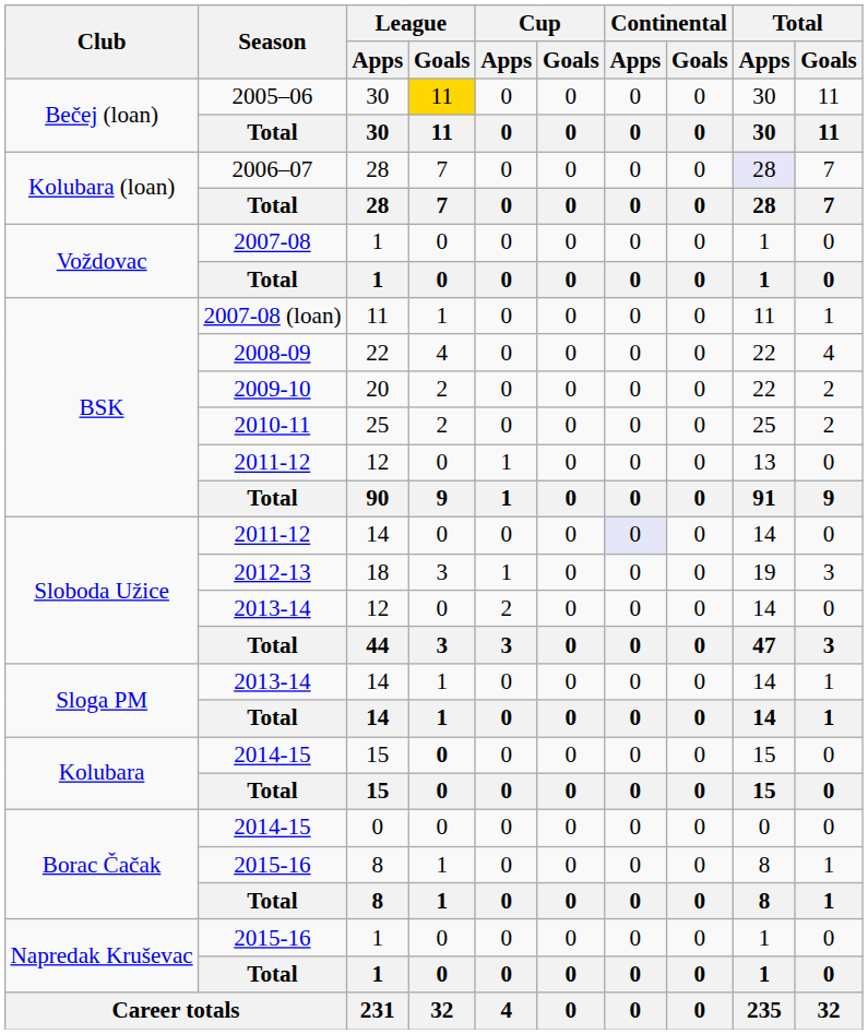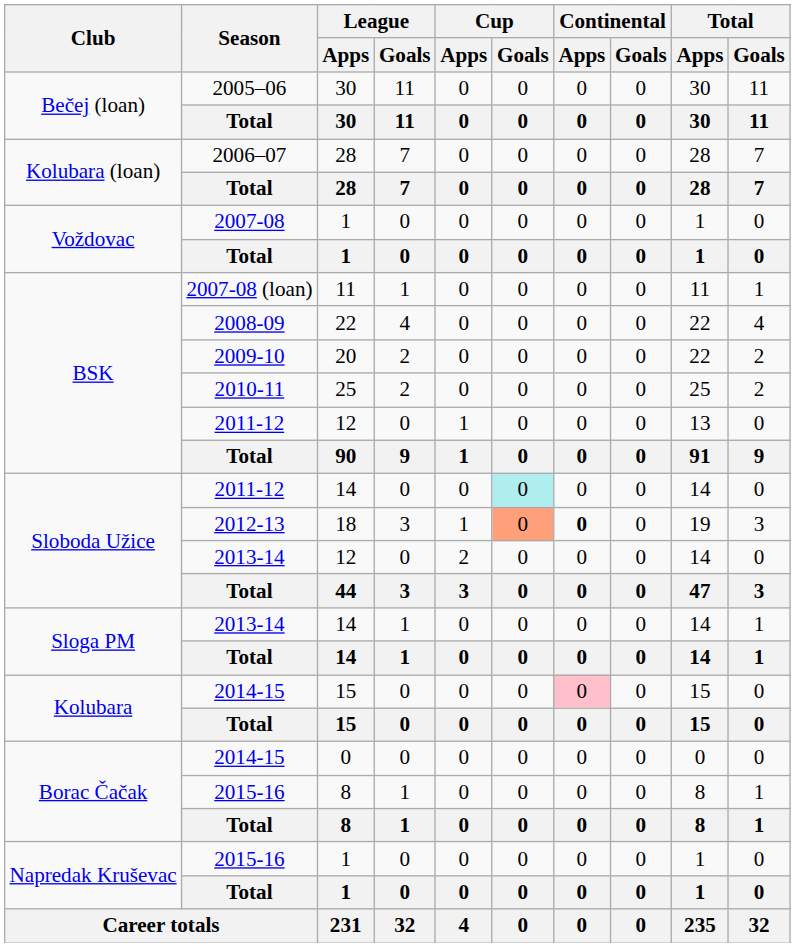 <table class="wikitable" style="text-align:center">
 <tr>
 <th rowspan="2">Club</th>
 <th rowspan="2">Season</th>
 <th colspan="2">League</th>
 <th colspan="2">Cup</th>
 <th colspan="2">Continental</th>
 <th colspan="2">Total</th>
 </tr>
 <tr>
 <th>Apps</th>
 <th>Goals</th>
 <th>Apps</th>
 <th>Goals</th>
 <th>Apps</th>
 <th>Goals</th>
 <th>Apps</th>
 <th>Goals</th>
 </tr>
 <tr>
 <td rowspan="2"><a href='#'>Bečej</a> (loan)</td>
 <td>2005–06</td>
 <td>30</td>
-<td style="background: gold;">11</td>
+<td>11</td>
 <td>0</td>
 <td>0</td>
 <td>0</td>
 <td>0</td>
 <td>30</td>
 <td>11</td>
 </tr>
 <tr>
 <th>Total</th>
 <th>30</th>
 <th>11</th>
 <th>0</th>
 <th>0</th>
 <th>0</th>
 <th>0</th>
 <th>30</th>
 <th>11</th>
 </tr>
 <tr>
 <td rowspan="2"><a href='#'>Kolubara</a> (loan)</td>
 <td>2006–07</td>
 <td>28</td>
 <td>7</td>
 <td>0</td>
 <td>0</td>
 <td>0</td>
 <td>0</td>
-<td style="background: lavender;">28</td>
+<td>28</td>
 <td>7</td>
 </tr>
 <tr>
 <th>Total</th>
 <th>28</th>
 <th>7</th>
 <th>0</th>
 <th>0</th>
 <th>0</th>
 <th>0</th>
 <th>28</th>
 <th>7</th>
 </tr>
 <tr>
 <td rowspan="2"><a href='#'>Voždovac</a></td>
 <td><a href='#'>2007-08</a></td>
 <td>1</td>
 <td>0</td>
 <td>0</td>
 <td>0</td>
 <td>0</td>
 <td>0</td>
 <td>1</td>
 <td>0</td>
 </tr>
 <tr>
 <th>Total</th>
 <th>1</th>
 <th>0</th>
 <th>0</th>
 <th>0</th>
 <th>0</th>
 <th>0</th>
 <th>1</th>
 <th>0</th>
 </tr>
 <tr>
 <td rowspan="6"><a href='#'>BSK</a></td>
 <td><a href='#'>2007-08</a> (loan)</td>
 <td>11</td>
 <td>1</td>
 <td>0</td>
 <td>0</td>
 <td>0</td>
 <td>0</td>
 <td>11</td>
 <td>1</td>
 </tr>
 <tr>
 <td><a href='#'>2008-09</a></td>
 <td>22</td>
 <td>4</td>
 <td>0</td>
 <td>0</td>
 <td>0</td>
 <td>0</td>
 <td>22</td>
 <td>4</td>
 </tr>
 <tr>
 <td><a href='#'>2009-10</a></td>
 <td>20</td>
 <td>2</td>
 <td>0</td>
 <td>0</td>
 <td>0</td>
 <td>0</td>
 <td>22</td>
 <td>2</td>
 </tr>
 <tr>
 <td><a href='#'>2010-11</a></td>
 <td>25</td>
 <td>2</td>
 <td>0</td>
 <td>0</td>
 <td>0</td>
 <td>0</td>
 <td>25</td>
 <td>2</td>
 </tr>
 <tr>
 <td><a href='#'>2011-12</a></td>
 <td>12</td>
 <td>0</td>
 <td>1</td>
 <td>0</td>
 <td>0</td>
 <td>0</td>
 <td>13</td>
 <td>0</td>
 </tr>
 <tr>
 <th>Total</th>
 <th>90</th>
 <th>9</th>
 <th>1</th>
 <th>0</th>
 <th>0</th>
 <th>0</th>
 <th>91</th>
 <th>9</th>
 </tr>
 <tr>
 <td rowspan="4"><a href='#'>Sloboda Užice</a></td>
 <td><a href='#'>2011-12</a></td>
 <td>14</td>
 <td>0</td>
 <td>0</td>
+<td style="background: paleturquoise;">0</td>
 <td>0</td>
-<td style="background: lavender;">0</td>
 <td>0</td>
 <td>14</td>
 <td>0</td>
 </tr>
 <tr>
 <td><a href='#'>2012-13</a></td>
 <td>18</td>
 <td>3</td>
 <td>1</td>
-<td>0</td>
-<td>0</td>
+<td style="background: lightsalmon;">0</td>
+<td><strong>0</strong></td>
 <td>0</td>
 <td>19</td>
 <td>3</td>
 </tr>
 <tr>
 <td><a href='#'>2013-14</a></td>
 <td>12</td>
 <td>0</td>
 <td>2</td>
 <td>0</td>
 <td>0</td>
 <td>0</td>
 <td>14</td>
 <td>0</td>
 </tr>
 <tr>
 <th>Total</th>
 <th>44</th>
 <th>3</th>
 <th>3</th>
 <th>0</th>
 <th>0</th>
 <th>0</th>
 <th>47</th>
 <th>3</th>
 </tr>
 <tr>
 <td rowspan="2"><a href='#'>Sloga PM</a></td>
 <td><a href='#'>2013-14</a></td>
 <td>14</td>
 <td>1</td>
 <td>0</td>
 <td>0</td>
 <td>0</td>
 <td>0</td>
 <td>14</td>
 <td>1</td>
 </tr>
 <tr>
 <th>Total</th>
 <th>14</th>
 <th>1</th>
 <th>0</th>
 <th>0</th>
 <th>0</th>
 <th>0</th>
 <th>14</th>
 <th>1</th>
 </tr>
 <tr>
 <td rowspan="2"><a href='#'>Kolubara</a></td>
 <td><a href='#'>2014-15</a></td>
 <td>15</td>
-<td><strong>0</strong></td>
 <td>0</td>
 <td>0</td>
 <td>0</td>
+<td style="background: pink;">0</td>
 <td>0</td>
 <td>15</td>
 <td>0</td>
 </tr>
 <tr>
 <th>Total</th>
 <th>15</th>
 <th>0</th>
 <th>0</th>
 <th>0</th>
 <th>0</th>
 <th>0</th>
 <th>15</th>
 <th>0</th>
 </tr>
 <tr>
 <td rowspan="3"><a href='#'>Borac Čačak</a></td>
 <td><a href='#'>2014-15</a></td>
 <td>0</td>
 <td>0</td>
 <td>0</td>
 <td>0</td>
 <td>0</td>
 <td>0</td>
 <td>0</td>
 <td>0</td>
 </tr>
 <tr>
 <td><a href='#'>2015-16</a></td>
 <td>8</td>
 <td>1</td>
 <td>0</td>
 <td>0</td>
 <td>0</td>
 <td>0</td>
 <td>8</td>
 <td>1</td>
 </tr>
 <tr>
 <th>Total</th>
 <th>8</th>
 <th>1</th>
 <th>0</th>
 <th>0</th>
 <th>0</th>
 <th>0</th>
 <th>8</th>
 <th>1</th>
 </tr>
 <tr>
 <td rowspan="2"><a href='#'>Napredak Kruševac</a></td>
 <td><a href='#'>2015-16</a></td>
 <td>1</td>
 <td>0</td>
 <td>0</td>
 <td>0</td>
 <td>0</td>
 <td>0</td>
 <td>1</td>
 <td>0</td>
 </tr>
 <tr>
 <th>Total</th>
 <th>1</th>
 <th>0</th>
 <th>0</th>
 <th>0</th>
 <th>0</th>
 <th>0</th>
 <th>1</th>
 <th>0</th>
 </tr>
 <tr>
 <th colspan="2">Career totals</th>
 <th>231</th>
 <th>32</th>
 <th>4</th>
 <th>0</th>
 <th>0</th>
 <th>0</th>
 <th>235</th>
 <th>32</th>
 </tr>
 </table>
